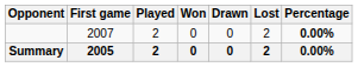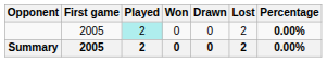 <table class="wikitable" style="text-align: center;">
 <tr>
 <th>Opponent</th>
 <th>First game</th>
 <th>Played</th>
 <th>Won</th>
 <th>Drawn</th>
 <th>Lost</th>
 <th>Percentage</th>
 </tr>
 <tr>
 <td style="text-align: left;"></td>
-<td>2007</td>
-<td>2</td>
+<td>2005</td>
+<td style="background: paleturquoise;">2</td>
 <td>0</td>
 <td>0</td>
 <td>2</td>
 <td><strong>0.00%</strong></td>
 </tr>
 <tr>
 <th>Summary</th>
 <th>2005</th>
 <th>2</th>
 <th>0</th>
 <th>0</th>
 <th>2</th>
 <th>0.00%</th>
 </tr>
 </table>
